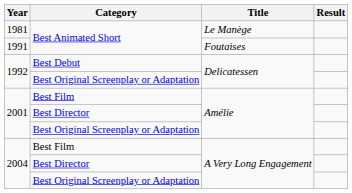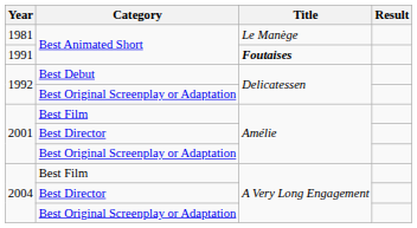 <table class="wikitable">
 <tr>
 <th>Year</th>
 <th>Category</th>
 <th>Title</th>
 <th>Result</th>
 </tr>
 <tr>
 <td>1981</td>
 <td rowspan=2><a href='#'>Best Animated Short</a></td>
 <td><em>Le Manège</em></td>
 <td></td>
 </tr>
 <tr>
 <td>1991</td>
-<td><em>Foutaises</em></td>
+<td><strong><em>Foutaises</em></strong></td>
 <td></td>
 </tr>
 <tr>
 <td rowspan=2>1992</td>
 <td><a href='#'>Best Debut</a></td>
 <td rowspan=2><em>Delicatessen</em></td>
 <td></td>
 </tr>
 <tr>
 <td><a href='#'>Best Original Screenplay or Adaptation</a></td>
 <td></td>
 </tr>
 <tr>
 <td rowspan=3>2001</td>
 <td><a href='#'>Best Film</a></td>
 <td rowspan=3><em>Amélie</em></td>
 <td></td>
 </tr>
 <tr>
 <td><a href='#'>Best Director</a></td>
 <td></td>
 </tr>
 <tr>
 <td><a href='#'>Best Original Screenplay or Adaptation</a></td>
 <td></td>
 </tr>
 <tr>
 <td rowspan=3>2004</td>
 <td>Best Film</td>
 <td rowspan=3><em>A Very Long Engagement</em></td>
 <td></td>
 </tr>
 <tr>
 <td><a href='#'>Best Director</a></td>
 <td></td>
 </tr>
 <tr>
 <td><a href='#'>Best Original Screenplay or Adaptation</a></td>
 <td></td>
 </tr>
 </table>
